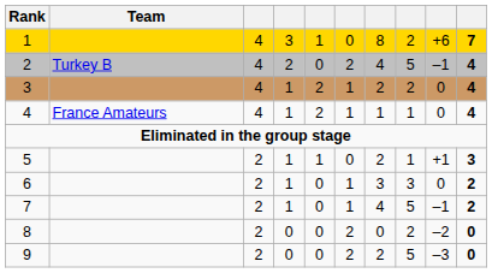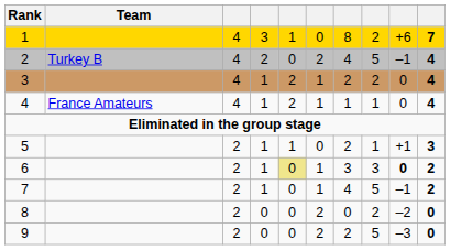 <table class="wikitable" style="text-align:center">
 <tr>
 <th width=20>Rank</th>
 <th width=200>Team</th>
 <th width="25"></th>
 <th width="25"></th>
 <th width="25"></th>
 <th width="25"></th>
 <th width="25"></th>
 <th width="25"></th>
 <th width="25"></th>
 <th width="25"></th>
 </tr>
 <tr style="background:gold;">
 <td>1</td>
 <td style="text-align:left;"></td>
 <td>4</td>
 <td>3</td>
 <td>1</td>
 <td>0</td>
 <td>8</td>
 <td>2</td>
 <td>+6</td>
 <td><strong>7</strong></td>
 </tr>
 <tr style="background:silver;">
 <td>2</td>
 <td style="text-align:left;"> <a href='#'>Turkey B</a></td>
 <td>4</td>
 <td>2</td>
 <td>0</td>
 <td>2</td>
 <td>4</td>
 <td>5</td>
 <td>–1</td>
 <td><strong>4</strong></td>
 </tr>
 <tr style="background:#cc9966;">
 <td>3</td>
 <td style="text-align:left;"></td>
 <td>4</td>
 <td>1</td>
 <td>2</td>
 <td>1</td>
 <td>2</td>
 <td>2</td>
 <td>0</td>
 <td><strong>4</strong></td>
 </tr>
 <tr>
 <td>4</td>
 <td style="text-align:left;"> <a href='#'>France Amateurs</a></td>
 <td>4</td>
 <td>1</td>
 <td>2</td>
 <td>1</td>
 <td>1</td>
 <td>1</td>
 <td>0</td>
 <td><strong>4</strong></td>
 </tr>
 <tr>
 <td colspan=14><strong>Eliminated in the group stage</strong></td>
 </tr>
 <tr>
 <td>5</td>
 <td style="text-align:left;"></td>
 <td>2</td>
 <td>1</td>
 <td>1</td>
 <td>0</td>
 <td>2</td>
 <td>1</td>
 <td>+1</td>
 <td><strong>3</strong></td>
 </tr>
 <tr>
 <td>6</td>
 <td style="text-align:left;"></td>
 <td>2</td>
 <td>1</td>
-<td>0</td>
+<td style="background: khaki;">0</td>
 <td>1</td>
 <td>3</td>
 <td>3</td>
-<td>0</td>
+<td><strong>0</strong></td>
 <td><strong>2</strong></td>
 </tr>
 <tr>
 <td>7</td>
 <td style="text-align:left;"></td>
 <td>2</td>
 <td>1</td>
 <td>0</td>
 <td>1</td>
 <td>4</td>
 <td>5</td>
 <td>–1</td>
 <td><strong>2</strong></td>
 </tr>
 <tr>
 <td>8</td>
 <td style="text-align:left;"></td>
 <td>2</td>
 <td>0</td>
 <td>0</td>
 <td>2</td>
 <td>0</td>
 <td>2</td>
 <td>–2</td>
 <td><strong>0</strong></td>
 </tr>
 <tr>
 <td>9</td>
 <td style="text-align:left;"></td>
 <td>2</td>
 <td>0</td>
 <td>0</td>
 <td>2</td>
 <td>2</td>
 <td>5</td>
 <td>–3</td>
 <td><strong>0</strong></td>
 </tr>
 </table>
